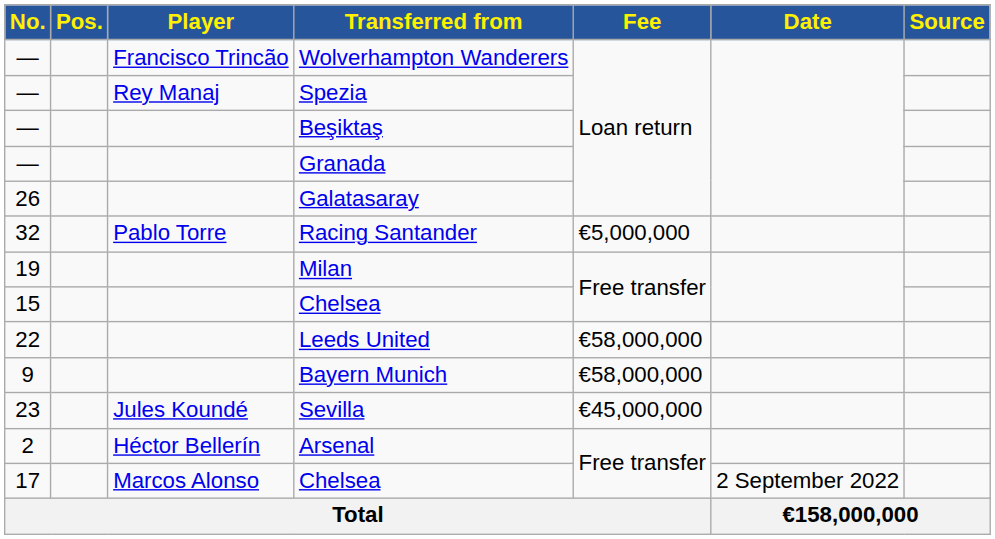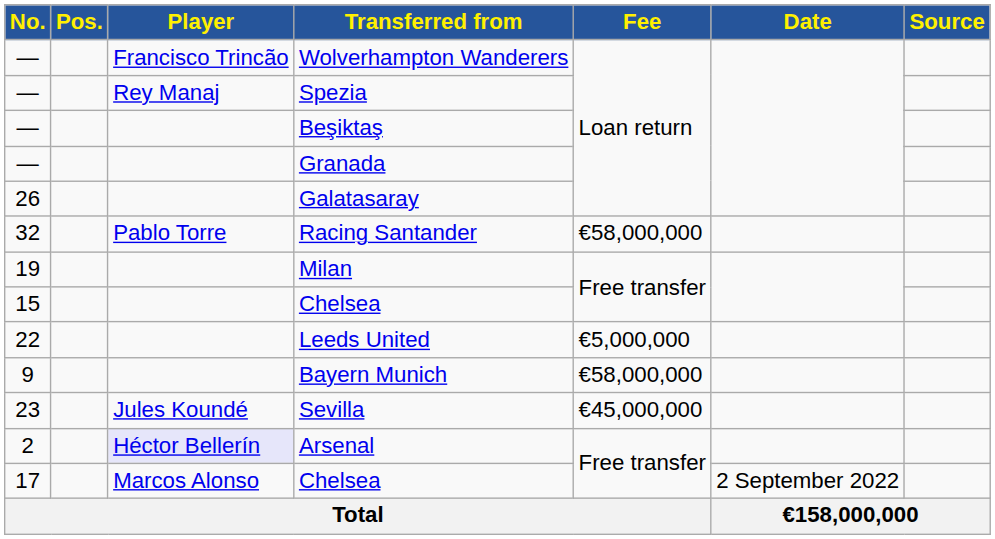 <table class="wikitable plainrowheaders sortable">
 <tr>
 <th style="background:#26559B; color:#FFF000; ">No.</th>
 <th style="background:#26559B; color:#FFF000; ">Pos.</th>
 <th style="background:#26559B; color:#FFF000; ">Player</th>
 <th style="background:#26559B; color:#FFF000; ">Transferred from</th>
 <th style="background:#26559B; color:#FFF000; ">Fee</th>
 <th style="background:#26559B; color:#FFF000; ">Date</th>
 <th style="background:#26559B; color:#FFF000; ">Source</th>
 </tr>
 <tr>
 <td align=center>—</td>
 <td align=center></td>
 <td> <a href='#'>Francisco Trincão</a></td>
 <td> <a href='#'>Wolverhampton Wanderers</a></td>
 <td rowspan=5>Loan return</td>
 <td rowspan=5></td>
 <td></td>
 </tr>
 <tr>
 <td align=center>—</td>
 <td align=center></td>
 <td> <a href='#'>Rey Manaj</a></td>
 <td> <a href='#'>Spezia</a></td>
 <td></td>
 </tr>
 <tr>
 <td align=center>—</td>
 <td align=center></td>
 <td></td>
 <td> <a href='#'>Beşiktaş</a></td>
 <td></td>
 </tr>
 <tr>
 <td align=center>—</td>
 <td align=center></td>
 <td></td>
 <td><a href='#'>Granada</a></td>
 <td></td>
 </tr>
 <tr>
 <td align=center>26</td>
 <td align=center></td>
 <td></td>
 <td> <a href='#'>Galatasaray</a></td>
 <td></td>
 </tr>
 <tr>
 <td align=center>32</td>
 <td align=center></td>
 <td> <a href='#'>Pablo Torre</a></td>
 <td><a href='#'>Racing Santander</a></td>
-<td>€5,000,000</td>
+<td>€58,000,000</td>
 <td></td>
 <td></td>
 </tr>
 <tr>
 <td align=center>19</td>
 <td align=center></td>
 <td></td>
 <td> <a href='#'>Milan</a></td>
 <td rowspan=2>Free transfer</td>
 <td rowspan=2></td>
 <td></td>
 </tr>
 <tr>
 <td align=center>15</td>
 <td align=center></td>
 <td></td>
 <td> <a href='#'>Chelsea</a></td>
 <td></td>
 </tr>
 <tr>
 <td align=center>22</td>
 <td align=center></td>
 <td></td>
 <td> <a href='#'>Leeds United</a></td>
-<td>€58,000,000</td>
+<td>€5,000,000</td>
 <td></td>
 <td></td>
 </tr>
 <tr>
 <td align=center>9</td>
 <td align=center></td>
 <td></td>
 <td> <a href='#'>Bayern Munich</a></td>
 <td>€58,000,000</td>
 <td></td>
 <td></td>
 </tr>
 <tr>
 <td align=center>23</td>
 <td align=center></td>
 <td> <a href='#'>Jules Koundé</a></td>
 <td><a href='#'>Sevilla</a></td>
 <td>€45,000,000</td>
 <td></td>
 <td></td>
 </tr>
 <tr>
 <td align=center>2</td>
 <td align=center></td>
-<td> <a href='#'>Héctor Bellerín</a></td>
+<td style="background: lavender;"> <a href='#'>Héctor Bellerín</a></td>
 <td> <a href='#'>Arsenal</a></td>
 <td rowspan=2>Free transfer</td>
 <td></td>
 <td></td>
 </tr>
 <tr>
 <td align=center>17</td>
 <td align=center></td>
 <td> <a href='#'>Marcos Alonso</a></td>
 <td> <a href='#'>Chelsea</a></td>
 <td>2 September 2022</td>
 <td></td>
 </tr>
 <tr>
 <th colspan="5">Total</th>
 <th colspan="2">€158,000,000</th>
 </tr>
 </table>
